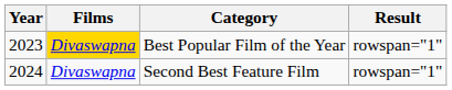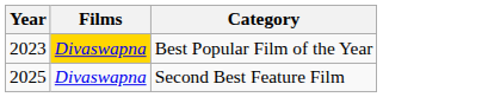 <table class="wikitable sortable">
 <tr>
 <th>Year</th>
 <th>Films</th>
 <th>Category</th>
-<th>Result</th>
 </tr>
 <tr>
 <td>2023</td>
 <td style="background: gold;"><em><a href='#'>Divaswapna</a></em><br></td>
 <td rowspan=1>Best Popular Film of the Year</td>
-<td>rowspan="1" </td>
 </tr>
 <tr>
-<td>2024</td>
+<td>2025</td>
 <td><em><a href='#'>Divaswapna</a></em><br></td>
 <td rowspan=1>Second Best Feature Film </td>
-<td>rowspan="1" </td>
 </tr>
 </table>
